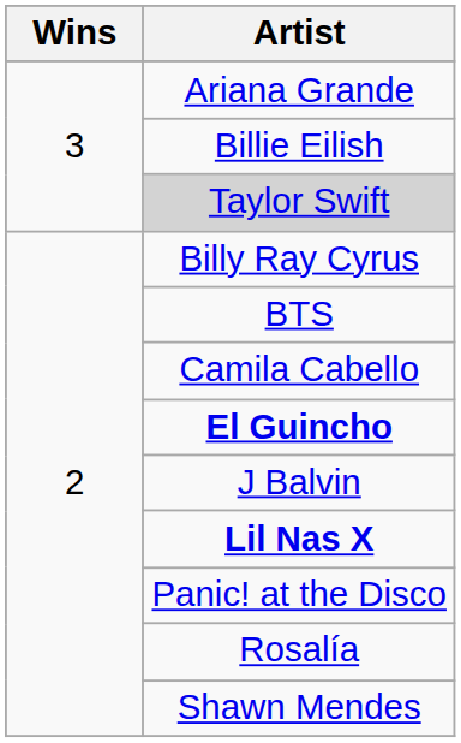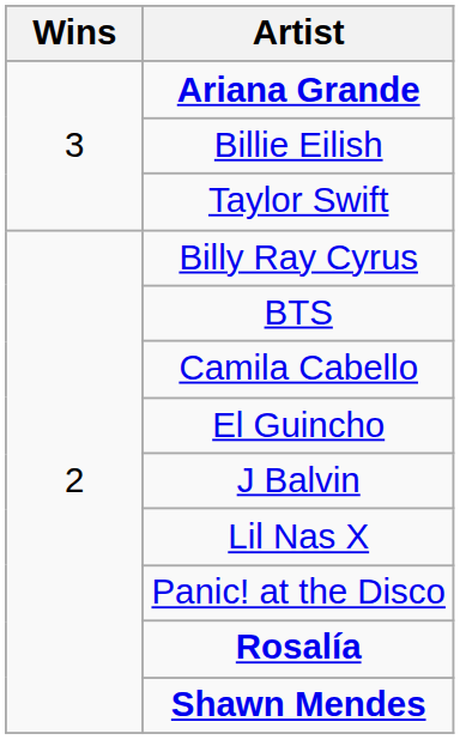 <table class="wikitable" rowspan="2" style="text-align:center">
 <tr>
 <th scope="col" style="width:55px;">Wins</th>
 <th scope="col" style="text-align:center;">Artist</th>
 </tr>
 <tr>
 <td rowspan="3" style="text-align:center">3</td>
-<td><a href='#'>Ariana Grande</a></td>
+<td><strong><a href='#'>Ariana Grande</a></strong></td>
 </tr>
 <tr>
 <td><a href='#'>Billie Eilish</a></td>
 </tr>
 <tr>
-<td style="background: lightgrey;"><a href='#'>Taylor Swift</a></td>
+<td><a href='#'>Taylor Swift</a></td>
 </tr>
 <tr>
 <td rowspan="9" style="text-align:center">2</td>
 <td><a href='#'>Billy Ray Cyrus</a></td>
 </tr>
 <tr>
 <td><a href='#'>BTS</a></td>
 </tr>
 <tr>
 <td><a href='#'>Camila Cabello</a></td>
 </tr>
 <tr>
-<td><strong><a href='#'>El Guincho</a></strong></td>
+<td><a href='#'>El Guincho</a></td>
 </tr>
 <tr>
 <td><a href='#'>J Balvin</a></td>
 </tr>
 <tr>
-<td><strong><a href='#'>Lil Nas X</a></strong></td>
+<td><a href='#'>Lil Nas X</a></td>
 </tr>
 <tr>
 <td><a href='#'>Panic! at the Disco</a></td>
 </tr>
 <tr>
-<td><a href='#'>Rosalía</a></td>
+<td><strong><a href='#'>Rosalía</a></strong></td>
 </tr>
 <tr>
-<td><a href='#'>Shawn Mendes</a></td>
+<td><strong><a href='#'>Shawn Mendes</a></strong></td>
 </tr>
 </table>
